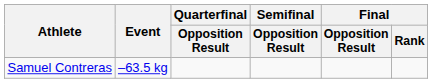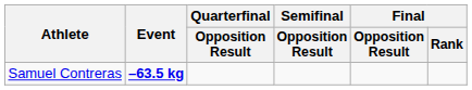 <table class=wikitable style=font-size:90%;text-align:center>
 <tr>
 <th rowspan=2>Athlete</th>
 <th rowspan=2>Event</th>
 <th>Quarterfinal</th>
 <th>Semifinal</th>
 <th colspan=2>Final</th>
 </tr>
 <tr style=font-size:95%>
 <th>Opposition<br>Result</th>
 <th>Opposition<br>Result</th>
 <th>Opposition<br>Result</th>
 <th>Rank</th>
 </tr>
 <tr>
 <td align=left><a href='#'>Samuel Contreras</a></td>
-<td align=left><a href='#'>–63.5 kg</a></td>
+<td align=left><strong><a href='#'>–63.5 kg</a></strong></td>
 <td></td>
 <td></td>
 <td></td>
 <td></td>
 </tr>
 </table>
